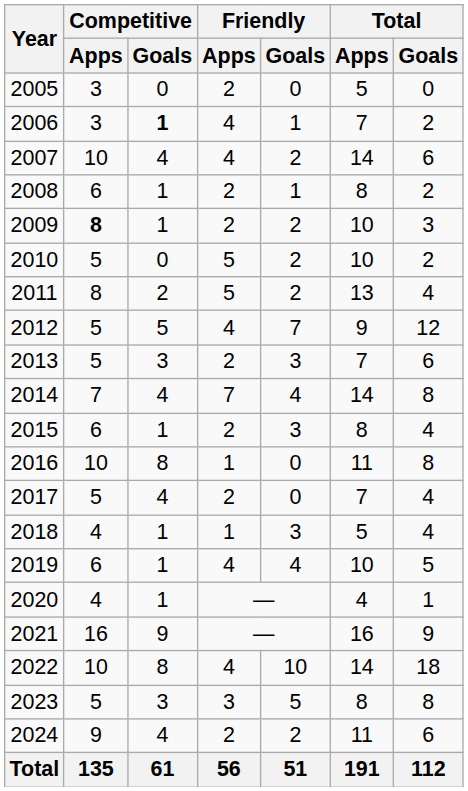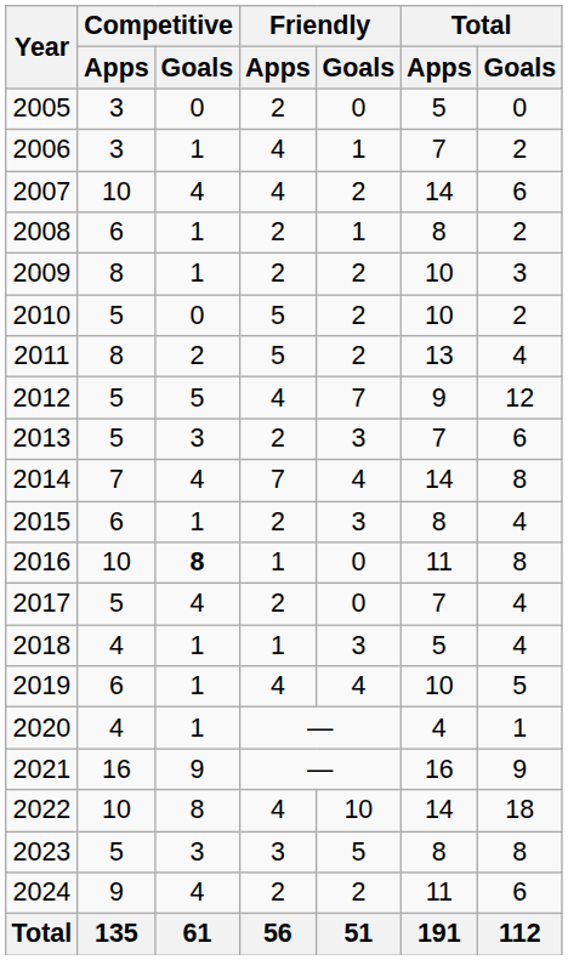 <table class="wikitable" style="text-align:center">
 <tr>
 <th rowspan="2">Year</th>
 <th colspan="2">Competitive</th>
 <th colspan="2">Friendly</th>
 <th colspan="2">Total</th>
 </tr>
 <tr>
 <th>Apps</th>
 <th>Goals</th>
 <th>Apps</th>
 <th>Goals</th>
 <th>Apps</th>
 <th>Goals</th>
 </tr>
 <tr>
 <td>2005</td>
 <td>3</td>
 <td>0</td>
 <td>2</td>
 <td>0</td>
 <td>5</td>
 <td>0</td>
 </tr>
 <tr>
 <td>2006</td>
 <td>3</td>
-<td><strong>1</strong></td>
+<td>1</td>
 <td>4</td>
 <td>1</td>
 <td>7</td>
 <td>2</td>
 </tr>
 <tr>
 <td>2007</td>
 <td>10</td>
 <td>4</td>
 <td>4</td>
 <td>2</td>
 <td>14</td>
 <td>6</td>
 </tr>
 <tr>
 <td>2008</td>
 <td>6</td>
 <td>1</td>
 <td>2</td>
 <td>1</td>
 <td>8</td>
 <td>2</td>
 </tr>
 <tr>
 <td>2009</td>
-<td><strong>8</strong></td>
+<td>8</td>
 <td>1</td>
 <td>2</td>
 <td>2</td>
 <td>10</td>
 <td>3</td>
 </tr>
 <tr>
 <td>2010</td>
 <td>5</td>
 <td>0</td>
 <td>5</td>
 <td>2</td>
 <td>10</td>
 <td>2</td>
 </tr>
 <tr>
 <td>2011</td>
 <td>8</td>
 <td>2</td>
 <td>5</td>
 <td>2</td>
 <td>13</td>
 <td>4</td>
 </tr>
 <tr>
 <td>2012</td>
 <td>5</td>
 <td>5</td>
 <td>4</td>
 <td>7</td>
 <td>9</td>
 <td>12</td>
 </tr>
 <tr>
 <td>2013</td>
 <td>5</td>
 <td>3</td>
 <td>2</td>
 <td>3</td>
 <td>7</td>
 <td>6</td>
 </tr>
 <tr>
 <td>2014</td>
 <td>7</td>
 <td>4</td>
 <td>7</td>
 <td>4</td>
 <td>14</td>
 <td>8</td>
 </tr>
 <tr>
 <td>2015</td>
 <td>6</td>
 <td>1</td>
 <td>2</td>
 <td>3</td>
 <td>8</td>
 <td>4</td>
 </tr>
 <tr>
 <td>2016</td>
 <td>10</td>
-<td>8</td>
+<td><strong>8</strong></td>
 <td>1</td>
 <td>0</td>
 <td>11</td>
 <td>8</td>
 </tr>
 <tr>
 <td>2017</td>
 <td>5</td>
 <td>4</td>
 <td>2</td>
 <td>0</td>
 <td>7</td>
 <td>4</td>
 </tr>
 <tr>
 <td>2018</td>
 <td>4</td>
 <td>1</td>
 <td>1</td>
 <td>3</td>
 <td>5</td>
 <td>4</td>
 </tr>
 <tr>
 <td>2019</td>
 <td>6</td>
 <td>1</td>
 <td>4</td>
 <td>4</td>
 <td>10</td>
 <td>5</td>
 </tr>
 <tr>
 <td>2020</td>
 <td>4</td>
 <td>1</td>
 <td colspan="2">—</td>
 <td>4</td>
 <td>1</td>
 </tr>
 <tr>
 <td>2021</td>
 <td>16</td>
 <td>9</td>
 <td colspan="2">—</td>
 <td>16</td>
 <td>9</td>
 </tr>
 <tr>
 <td>2022</td>
 <td>10</td>
 <td>8</td>
 <td>4</td>
 <td>10</td>
 <td>14</td>
 <td>18</td>
 </tr>
 <tr>
 <td>2023</td>
 <td>5</td>
 <td>3</td>
 <td>3</td>
 <td>5</td>
 <td>8</td>
 <td>8</td>
 </tr>
 <tr>
 <td>2024</td>
 <td>9</td>
 <td>4</td>
 <td>2</td>
 <td>2</td>
 <td>11</td>
 <td>6</td>
 </tr>
 <tr>
 <th>Total</th>
 <th>135</th>
 <th>61</th>
 <th>56</th>
 <th>51</th>
 <th>191</th>
 <th>112</th>
 </tr>
 </table>
